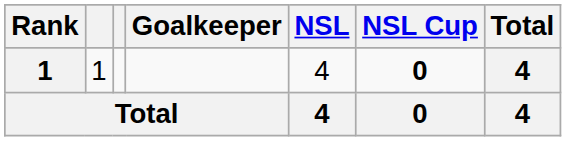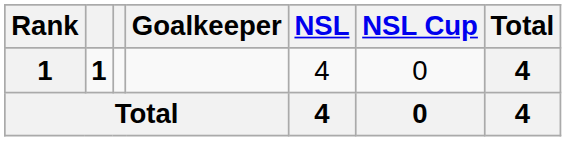 <table class="wikitable sortable" style="text-align:center">
 <tr>
 <th>Rank</th>
 <th></th>
 <th></th>
 <th>Goalkeeper</th>
 <th><a href='#'>NSL</a></th>
 <th><a href='#'>NSL Cup</a></th>
 <th>Total</th>
 </tr>
 <tr>
 <th>1</th>
-<td>1</td>
+<td><strong>1</strong></td>
 <td></td>
 <td align="left"></td>
 <td>4</td>
-<td><strong>0</strong></td>
+<td>0</td>
 <th>4</th>
 </tr>
 <tr>
 <th colspan="4">Total</th>
 <th>4</th>
 <th>0</th>
 <th>4</th>
 </tr>
 </table>
